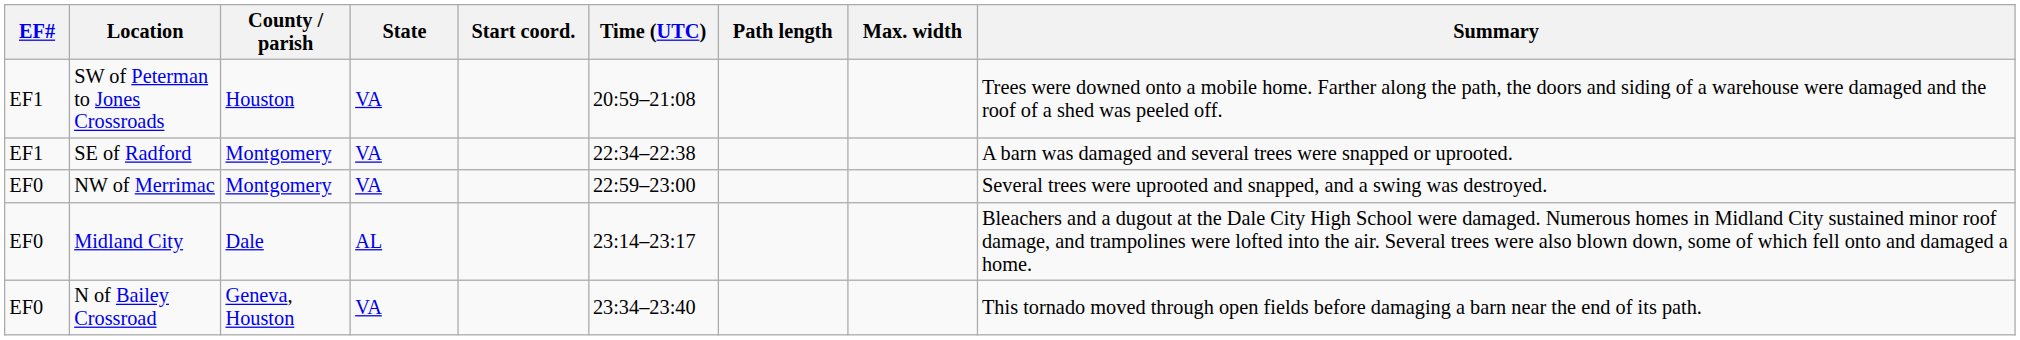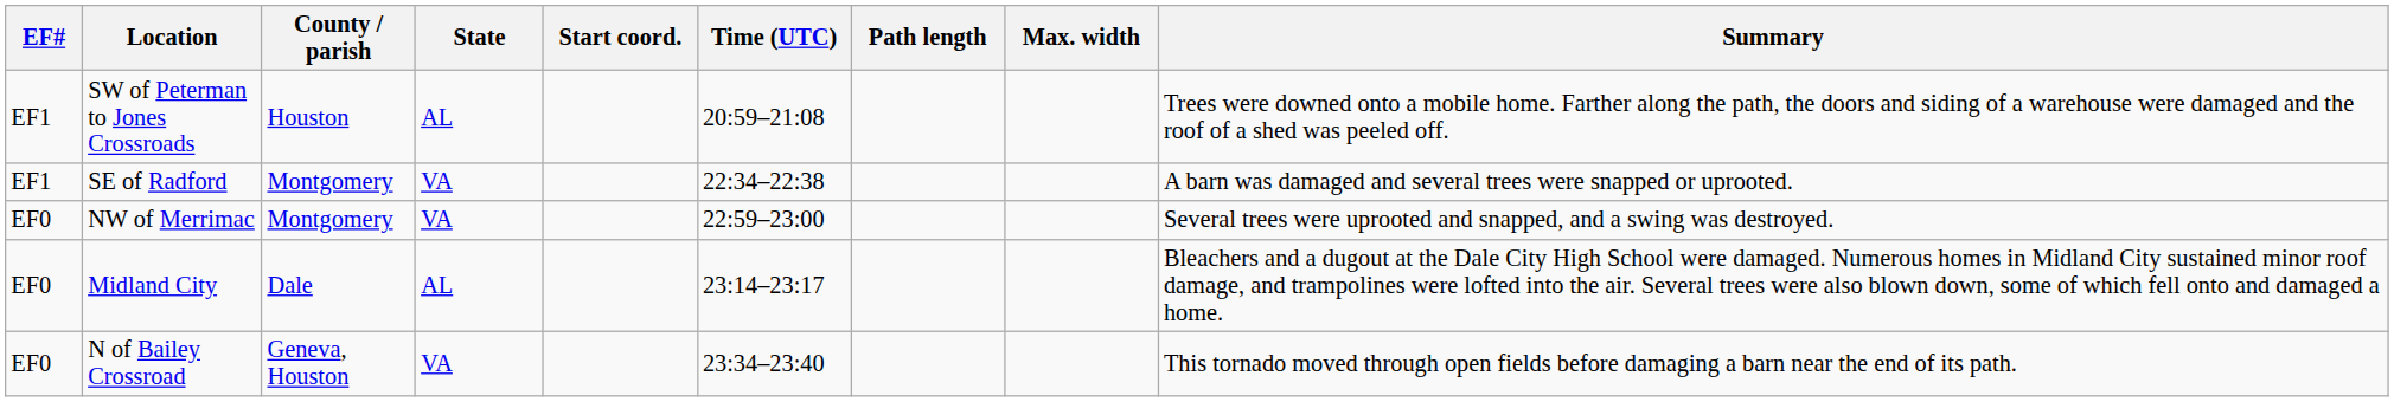 <table class="wikitable sortable" style="width:100%;">
 <tr>
 <th scope="col"  style="width:3%; text-align:center;"><a href='#'>EF#</a></th>
 <th scope="col"  style="width:7%; text-align:center;" class="unsortable">Location</th>
 <th scope="col"  style="width:6%; text-align:center;" class="unsortable">County / parish</th>
 <th scope="col"  style="width:5%; text-align:center;">State</th>
 <th scope="col"  style="width:6%; text-align:center;">Start coord.</th>
 <th scope="col"  style="width:6%; text-align:center;">Time (<a href='#'>UTC</a>)</th>
 <th scope="col"  style="width:6%; text-align:center;">Path length</th>
 <th scope="col"  style="width:6%; text-align:center;">Max. width</th>
 <th scope="col" class="unsortable" style="width:48%; text-align:center;">Summary</th>
 </tr>
 <tr>
 <td>EF1</td>
 <td>SW of <a href='#'>Peterman</a> to <a href='#'>Jones Crossroads</a></td>
 <td><a href='#'>Houston</a></td>
-<td><a href='#'>VA</a></td>
+<td><a href='#'>AL</a></td>
 <td></td>
 <td>20:59–21:08</td>
 <td></td>
 <td></td>
 <td>Trees were downed onto a mobile home. Farther along the path, the doors and siding of a warehouse were damaged and the roof of a shed was peeled off.</td>
 </tr>
 <tr>
 <td>EF1</td>
 <td>SE of <a href='#'>Radford</a></td>
 <td><a href='#'>Montgomery</a></td>
 <td><a href='#'>VA</a></td>
 <td></td>
 <td>22:34–22:38</td>
 <td></td>
 <td></td>
 <td>A barn was damaged and several trees were snapped or uprooted.</td>
 </tr>
 <tr>
 <td>EF0</td>
 <td>NW of <a href='#'>Merrimac</a></td>
 <td><a href='#'>Montgomery</a></td>
 <td><a href='#'>VA</a></td>
 <td></td>
 <td>22:59–23:00</td>
 <td></td>
 <td></td>
 <td>Several trees were uprooted and snapped, and a swing was destroyed.</td>
 </tr>
 <tr>
 <td>EF0</td>
 <td><a href='#'>Midland City</a></td>
 <td><a href='#'>Dale</a></td>
 <td><a href='#'>AL</a></td>
 <td></td>
 <td>23:14–23:17</td>
 <td></td>
 <td></td>
 <td>Bleachers and a dugout at the Dale City High School were damaged. Numerous homes in Midland City sustained minor roof damage, and trampolines were lofted into the air. Several trees were also blown down, some of which fell onto and damaged a home.</td>
 </tr>
 <tr>
 <td>EF0</td>
 <td>N of <a href='#'>Bailey Crossroad</a></td>
 <td><a href='#'>Geneva</a>, <a href='#'>Houston</a></td>
 <td><a href='#'>VA</a></td>
 <td></td>
 <td>23:34–23:40</td>
 <td></td>
 <td></td>
 <td>This tornado moved through open fields before damaging a barn near the end of its path.</td>
 </tr>
 </table>
